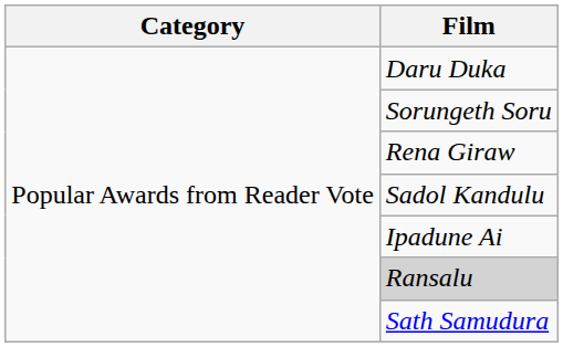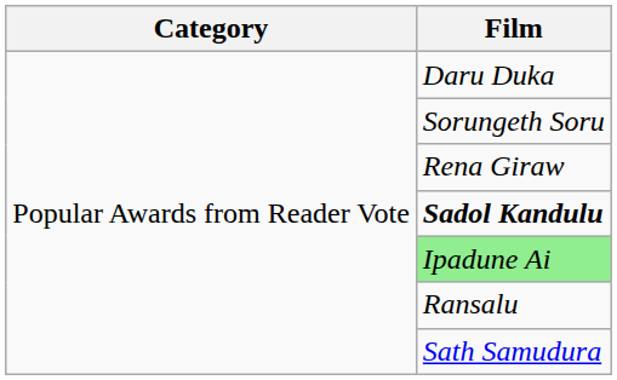 <table class="wikitable plainrowheaders sortable">
 <tr>
 <th scope="col">Category</th>
 <th scope="col">Film</th>
 </tr>
 <tr>
 <td rowspan=7>Popular Awards from Reader Vote</td>
 <td><em>Daru Duka</em></td>
 </tr>
 <tr>
 <td><em>Sorungeth Soru</em></td>
 </tr>
 <tr>
 <td><em>Rena Giraw</em></td>
 </tr>
 <tr>
-<td><em>Sadol Kandulu</em></td>
+<td><strong><em>Sadol Kandulu</em></strong></td>
 </tr>
 <tr>
-<td><em>Ipadune Ai</em></td>
+<td style="background: lightgreen;"><em>Ipadune Ai</em></td>
 </tr>
 <tr>
-<td style="background: lightgrey;"><em>Ransalu</em></td>
+<td><em>Ransalu</em></td>
 </tr>
 <tr>
 <td><em><a href='#'>Sath Samudura</a></em></td>
 </tr>
 </table>
